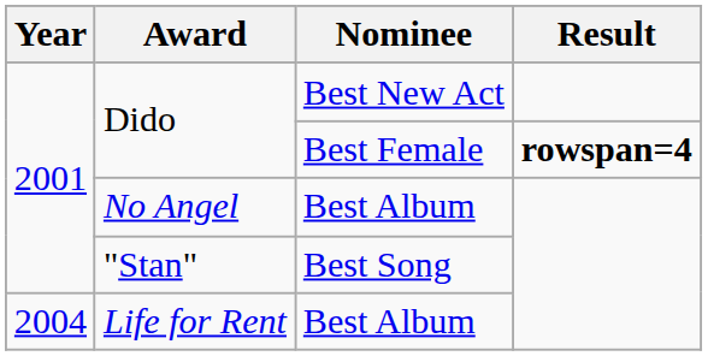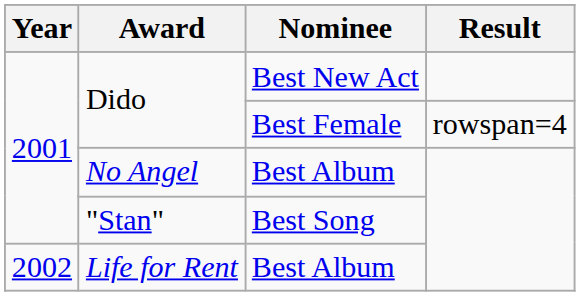 <table class="wikitable sortable">
 <tr>
 <th>Year</th>
 <th>Award</th>
 <th>Nominee</th>
 <th>Result</th>
 </tr>
 <tr>
 <td rowspan=4><a href='#'>2001</a></td>
 <td rowspan=2>Dido</td>
 <td><a href='#'>Best New Act</a></td>
 <td></td>
 </tr>
 <tr>
 <td><a href='#'>Best Female</a></td>
-<td><strong>rowspan=4 </strong></td>
+<td>rowspan=4 </td>
 </tr>
 <tr>
 <td><em><a href='#'>No Angel</a></em></td>
 <td><a href='#'>Best Album</a></td>
 </tr>
 <tr>
 <td>"<a href='#'>Stan</a>"</td>
 <td><a href='#'>Best Song</a></td>
 </tr>
 <tr>
-<td><a href='#'>2004</a></td>
+<td><a href='#'>2002</a></td>
 <td><em><a href='#'>Life for Rent</a></em></td>
 <td><a href='#'>Best Album</a></td>
 </tr>
 </table>
